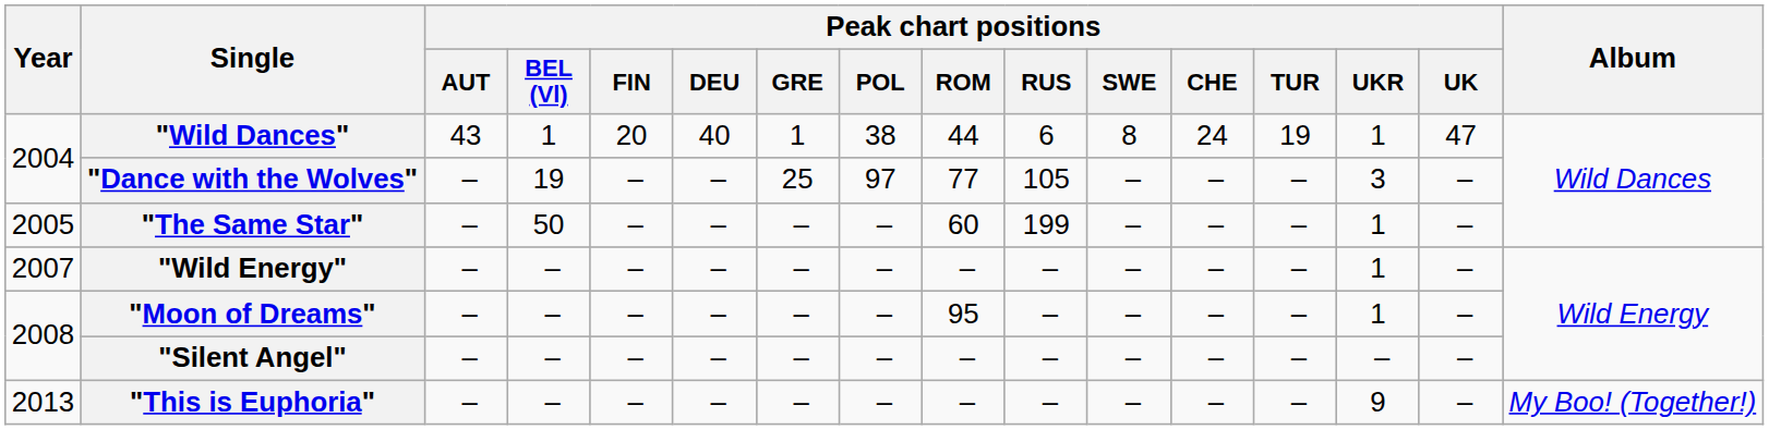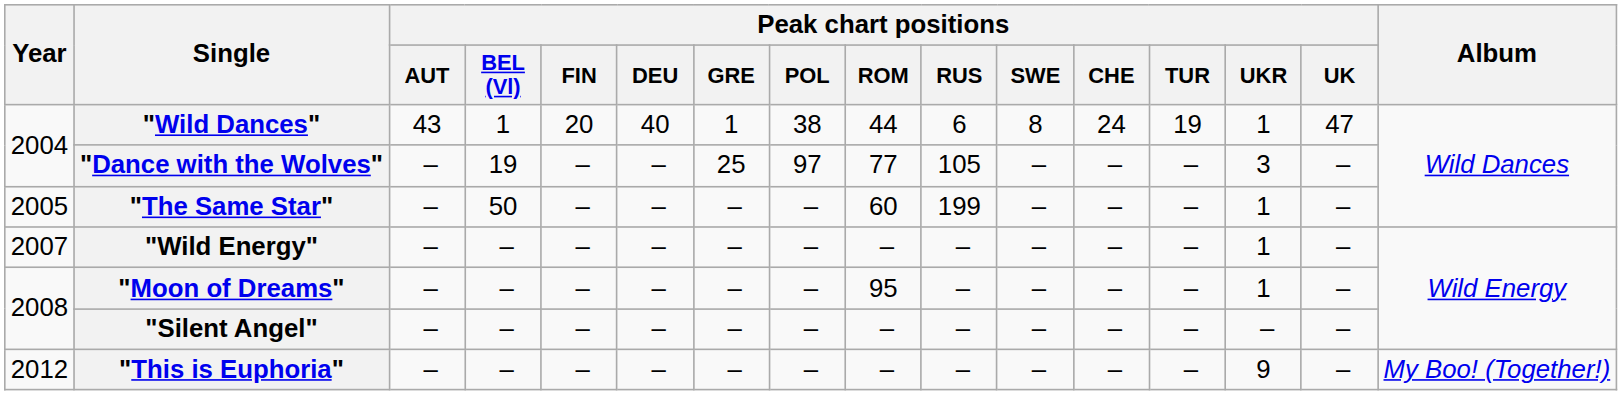 <table class="wikitable plainrowheaders" style="text-align:center;">
 <tr>
 <th scope="col" rowspan="2">Year</th>
 <th scope="col" rowspan="2">Single</th>
 <th scope="col" colspan="13">Peak chart positions</th>
 <th scope="col" rowspan="2">Album</th>
 </tr>
 <tr>
 <th scope="col" style="width:3em;font-size:85%;">AUT</th>
 <th scope="col" style="width:3em;font-size:85%;"><a href='#'>BEL (Vl)</a></th>
 <th scope="col" style="width:3em;font-size:85%;">FIN</th>
 <th scope="col" style="width:3em;font-size:85%;">DEU</th>
 <th scope="col" style="width:3em;font-size:85%;">GRE</th>
 <th scope="col" style="width:3em;font-size:85%;">POL</th>
 <th scope="col" style="width:3em;font-size:85%;">ROM</th>
 <th scope="col" style="width:3em;font-size:85%;">RUS</th>
 <th scope="col" style="width:3em;font-size:85%;">SWE</th>
 <th scope="col" style="width:3em;font-size:85%;">CHE</th>
 <th scope="col" style="width:3em;font-size:85%;">TUR</th>
 <th scope="col" style="width:3em;font-size:85%;">UKR</th>
 <th scope="col" style="width:3em;font-size:85%;">UK</th>
 </tr>
 <tr>
 <td rowspan="2">2004</td>
 <th scope="row">"<a href='#'>Wild Dances</a>"</th>
 <td>43</td>
 <td>1</td>
 <td>20</td>
 <td>40</td>
 <td>1</td>
 <td>38</td>
 <td>44</td>
 <td>6</td>
 <td>8</td>
 <td>24</td>
 <td>19</td>
 <td>1</td>
 <td>47</td>
 <td rowspan="3"><em><a href='#'>Wild Dances</a></em></td>
 </tr>
 <tr>
 <th scope="row">"<a href='#'>Dance with the Wolves</a>"</th>
 <td> –</td>
 <td>19</td>
 <td> –</td>
 <td> –</td>
 <td>25</td>
 <td>97</td>
 <td>77</td>
 <td>105</td>
 <td> –</td>
 <td> –</td>
 <td> –</td>
 <td>3</td>
 <td> –</td>
 </tr>
 <tr>
 <td>2005</td>
 <th scope="row">"<a href='#'>The Same Star</a>"</th>
 <td> –</td>
 <td>50</td>
 <td> –</td>
 <td> –</td>
 <td> –</td>
 <td> –</td>
 <td>60</td>
 <td>199</td>
 <td> –</td>
 <td> –</td>
 <td> –</td>
 <td>1</td>
 <td> –</td>
 </tr>
 <tr>
 <td>2007</td>
 <th scope="row">"Wild Energy"</th>
 <td> –</td>
 <td> –</td>
 <td> –</td>
 <td> –</td>
 <td> –</td>
 <td> –</td>
 <td> –</td>
 <td> –</td>
 <td> –</td>
 <td> –</td>
 <td> –</td>
 <td>1</td>
 <td> –</td>
 <td rowspan="3"><em><a href='#'>Wild Energy</a></em></td>
 </tr>
 <tr>
 <td rowspan="2">2008</td>
 <th scope="row">"<a href='#'>Moon of Dreams</a>"</th>
 <td> –</td>
 <td> –</td>
 <td> –</td>
 <td> –</td>
 <td> –</td>
 <td> –</td>
 <td>95</td>
 <td> –</td>
 <td> –</td>
 <td> –</td>
 <td> –</td>
 <td>1</td>
 <td> –</td>
 </tr>
 <tr>
 <th scope="row">"Silent Angel"</th>
 <td> –</td>
 <td> –</td>
 <td> –</td>
 <td> –</td>
 <td> –</td>
 <td> –</td>
 <td> –</td>
 <td> –</td>
 <td> –</td>
 <td> –</td>
 <td> –</td>
 <td> –</td>
 <td> –</td>
 </tr>
 <tr>
-<td>2013</td>
+<td>2012</td>
 <th scope="row">"<a href='#'>This is Euphoria</a>"</th>
 <td> –</td>
 <td> –</td>
 <td> –</td>
 <td> –</td>
 <td> –</td>
 <td> –</td>
 <td> –</td>
 <td> –</td>
 <td> –</td>
 <td> –</td>
 <td> –</td>
 <td>9</td>
 <td> –</td>
 <td><em><a href='#'>My Boo! (Together!)</a></em></td>
 </tr>
 </table>
